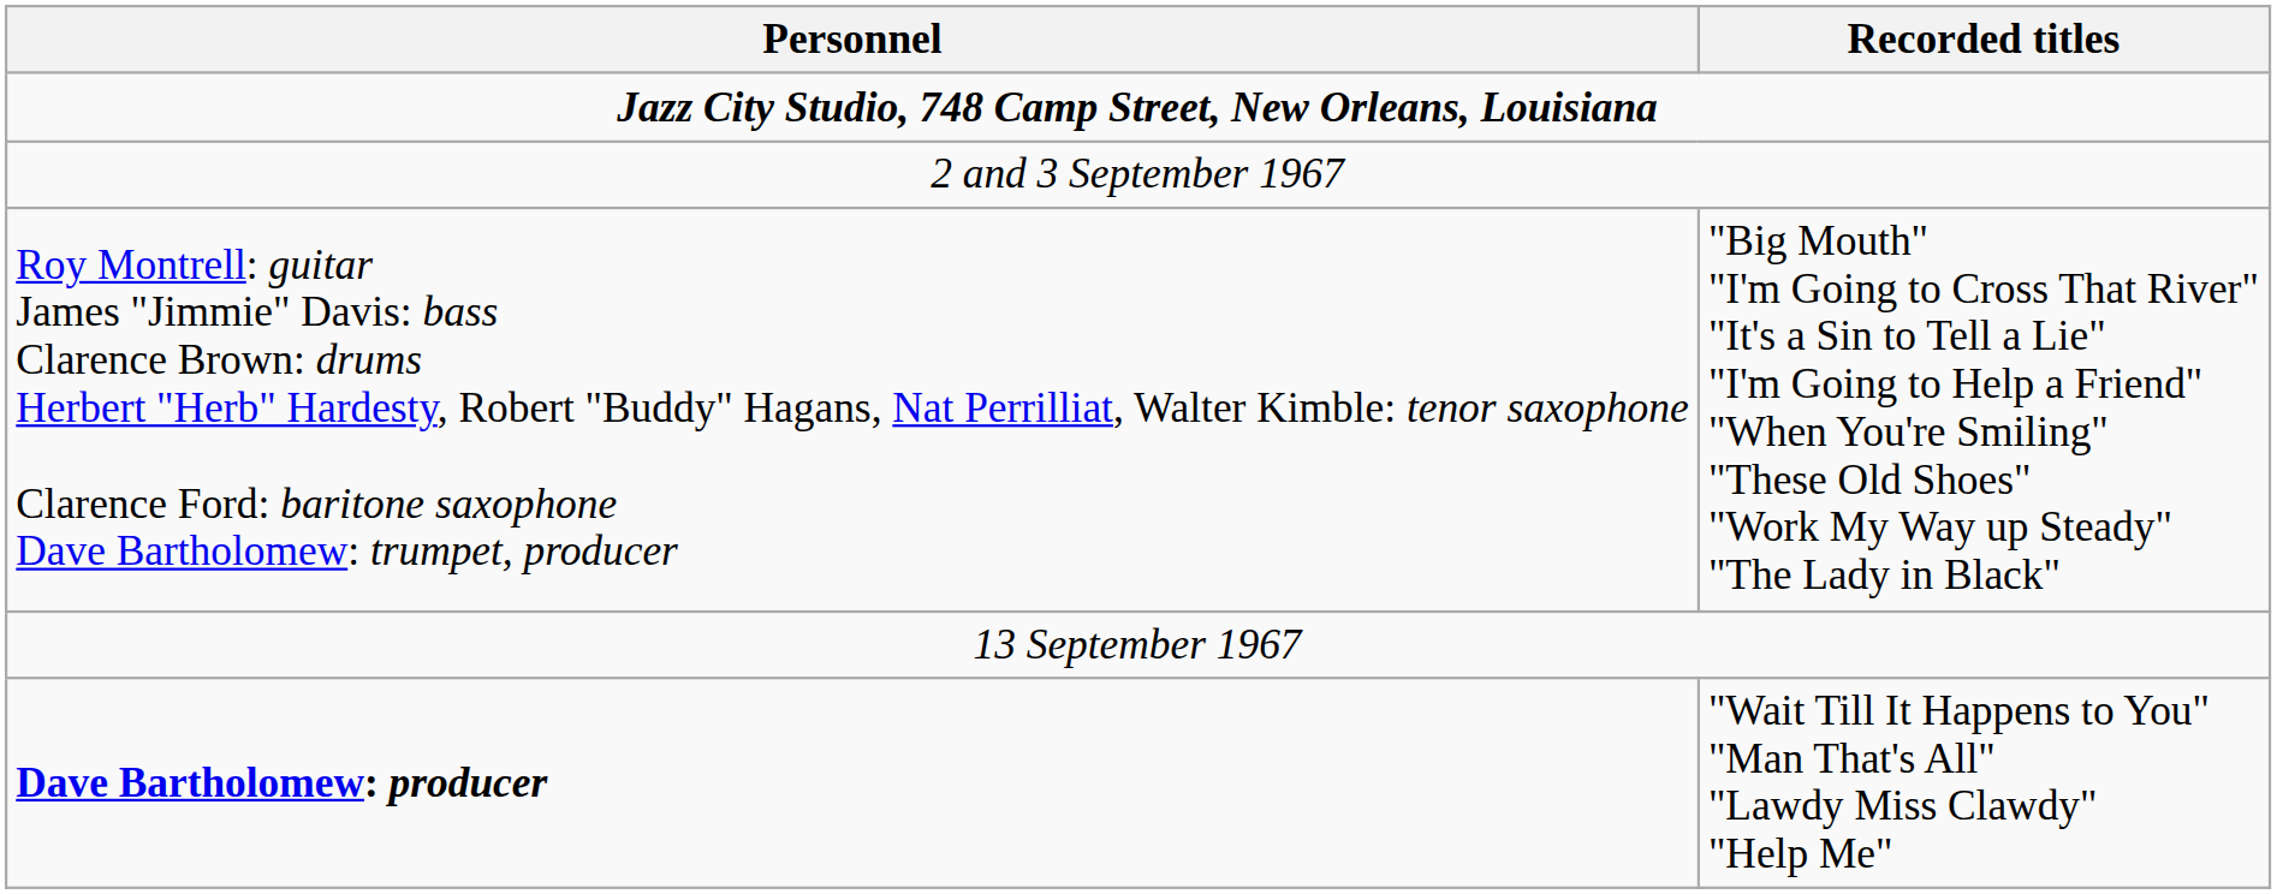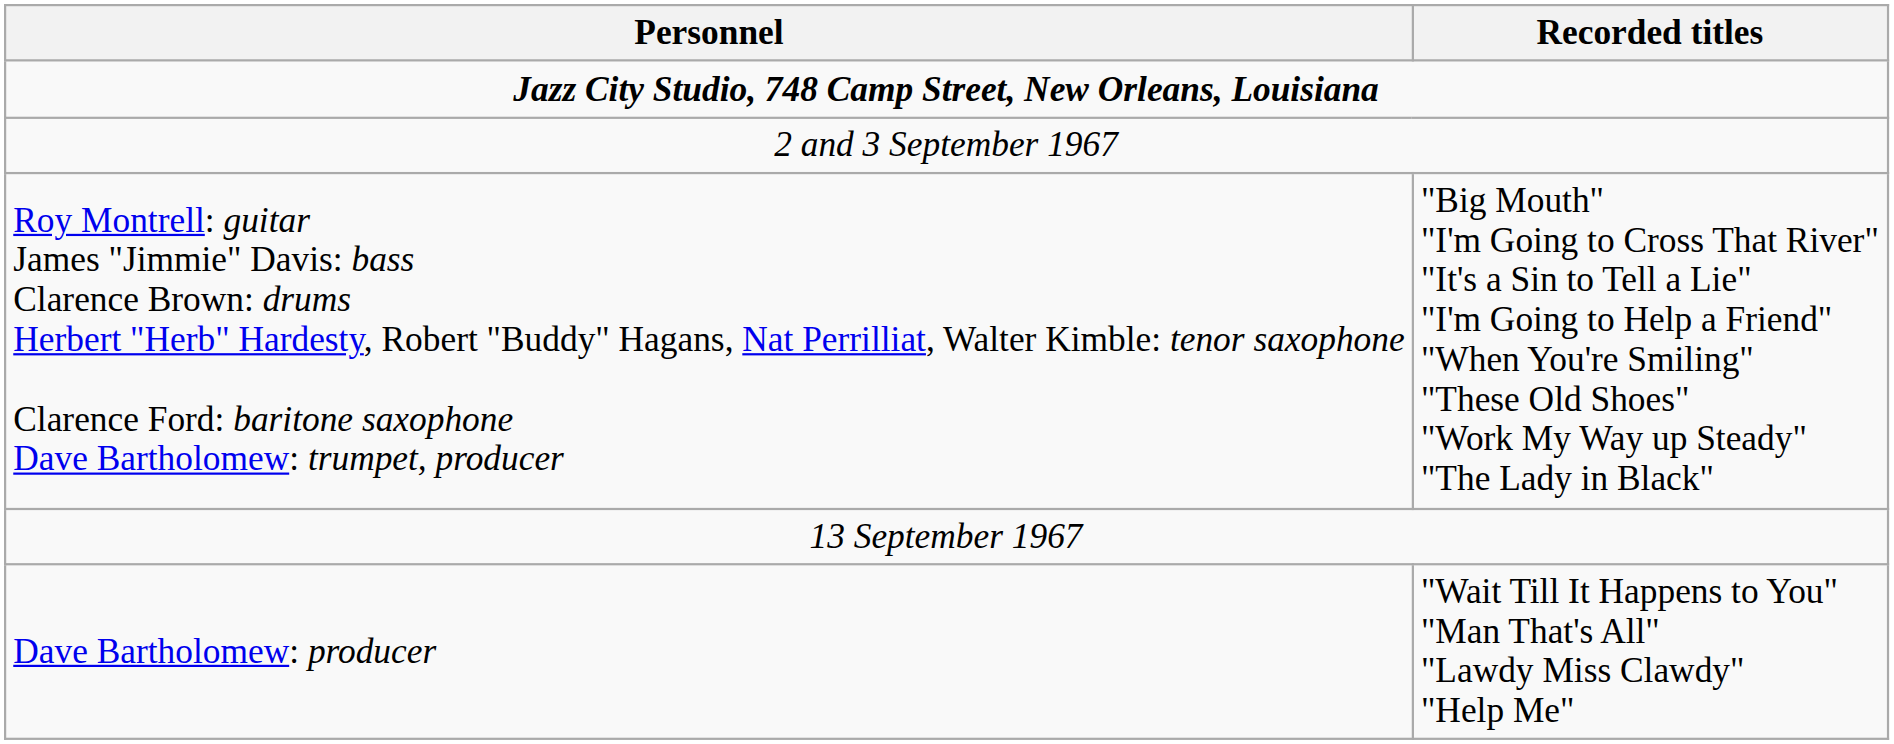 <table class="wikitable">
 <tr>
 <th>Personnel</th>
 <th>Recorded titles</th>
 </tr>
 <tr>
 <td colspan="2" align=center><strong><em>Jazz City Studio, 748 Camp Street, New Orleans, Louisiana</em></strong></td>
 </tr>
 <tr>
 <td colspan="2" align=center><em>2 and 3 September 1967</em></td>
 </tr>
 <tr>
 <td><a href='#'>Roy Montrell</a>: <em>guitar</em><br>James "Jimmie" Davis: <em>bass</em><br>Clarence Brown: <em>drums</em><br><a href='#'>Herbert "Herb" Hardesty</a>, Robert "Buddy" Hagans, <a href='#'>Nat Perrilliat</a>, Walter Kimble: <em>tenor saxophone</em><br><br>Clarence Ford: <em>baritone saxophone</em><br><a href='#'>Dave Bartholomew</a>: <em>trumpet, producer</em></td>
 <td>"Big Mouth"<br>"I'm Going to Cross That River"<br>"It's a Sin to Tell a Lie"<br>"I'm Going to Help a Friend"<br>"When You're Smiling"<br>"These Old Shoes"<br>"Work My Way up Steady"<br>"The Lady in Black"</td>
 </tr>
 <tr>
 <td colspan="2" align=center><em>13 September 1967</em></td>
 </tr>
 <tr>
-<td><strong><a href='#'>Dave Bartholomew</a>: <em>producer</em></strong></td>
+<td><a href='#'>Dave Bartholomew</a>: <em>producer</em></td>
 <td>"Wait Till It Happens to You"<br>"Man That's All"<br>"Lawdy Miss Clawdy"<br>"Help Me"</td>
 </tr>
 </table>
